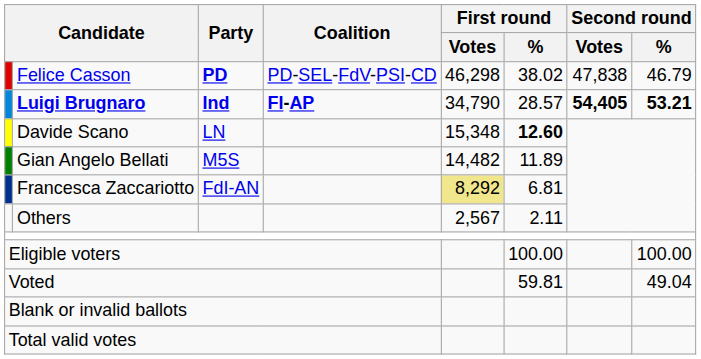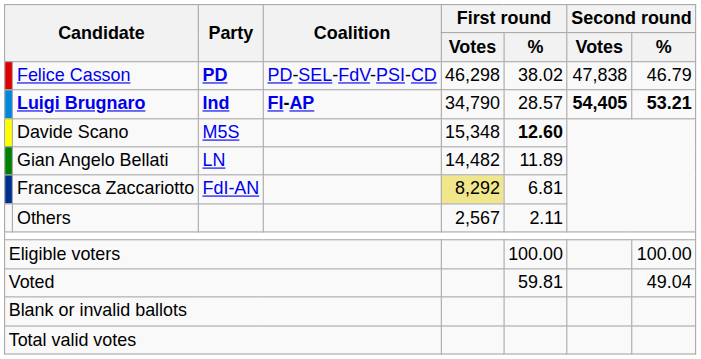 <table class="wikitable centre">
 <tr>
 <th scope="col" rowspan=2 colspan=2>Candidate</th>
 <th scope="col" rowspan=2 colspan=1>Party</th>
 <th scope="col" rowspan=2 colspan=1>Coalition</th>
 <th scope="col" colspan=2>First round</th>
 <th scope="col" colspan=2>Second round</th>
 </tr>
 <tr>
 <th scope="col">Votes</th>
 <th scope="col">%</th>
 <th scope="col">Votes</th>
 <th scope="col">%</th>
 </tr>
 <tr>
 <td bgcolor="#dd0000"></td>
 <td><a href='#'>Felice Casson</a></td>
 <td><strong><a href='#'>PD</a></strong></td>
 <td><a href='#'>PD</a>-<a href='#'>SEL</a>-<a href='#'>FdV</a>-<a href='#'>PSI</a>-<a href='#'>CD</a></td>
 <td style="text-align: right">46,298</td>
 <td style="text-align: right">38.02</td>
 <td style="text-align: right">47,838</td>
 <td style="text-align: right">46.79</td>
 </tr>
 <tr>
 <td bgcolor="#0087DC"></td>
 <td><strong><a href='#'>Luigi Brugnaro</a></strong></td>
 <td><strong><a href='#'>Ind</a></strong></td>
 <td><strong><a href='#'>FI</a>-<a href='#'>AP</a></strong></td>
 <td style="text-align: right">34,790</td>
 <td style="text-align: right">28.57</td>
 <td style="text-align: right"><strong>54,405</strong></td>
 <td style="text-align: right"><strong>53.21</strong></td>
 </tr>
 <tr>
 <td bgcolor="yellow"></td>
 <td>Davide Scano</td>
-<td><a href='#'>LN</a></td>
+<td><a href='#'>M5S</a></td>
 <td></td>
 <td style="text-align: right">15,348</td>
 <td style="text-align: right"><strong>12.60</strong></td>
 </tr>
 <tr>
 <td bgcolor="#008000"></td>
 <td>Gian Angelo Bellati</td>
-<td><a href='#'>M5S</a></td>
+<td><a href='#'>LN</a></td>
 <td></td>
 <td style="text-align: right">14,482</td>
 <td style="text-align: right">11.89</td>
 </tr>
 <tr>
 <td bgcolor="#00308F"></td>
 <td>Francesca Zaccariotto</td>
 <td><a href='#'>FdI-AN</a></td>
 <td></td>
 <td style="background: khaki; text-align: right">8,292</td>
 <td style="text-align: right">6.81</td>
 </tr>
 <tr>
 <td bgcolor=""></td>
 <td>Others</td>
 <td></td>
 <td></td>
 <td style="text-align: right">2,567</td>
 <td style="text-align: right">2.11</td>
 </tr>
 <tr bgcolor=white>
 <td colspan=8></td>
 </tr>
 <tr>
 <td colspan=4>Eligible voters</td>
 <td style="text-align: right"></td>
 <td style="text-align: right">100.00</td>
 <td style="text-align: right"></td>
 <td style="text-align: right">100.00</td>
 </tr>
 <tr>
 <td colspan=4>Voted</td>
 <td style="text-align: right"></td>
 <td style="text-align: right">59.81</td>
 <td style="text-align: right"></td>
 <td style="text-align: right">49.04</td>
 </tr>
 <tr>
 <td colspan=4>Blank or invalid ballots</td>
 <td style="text-align: right"></td>
 <td style="text-align: right"></td>
 <td style="text-align: right"></td>
 <td style="text-align: right"></td>
 </tr>
 <tr>
 <td colspan=4>Total valid votes</td>
 <td style="text-align: right"></td>
 <td style="text-align: right"></td>
 <td style="text-align: right"></td>
 <td style="text-align: right"></td>
 </tr>
 </table>
